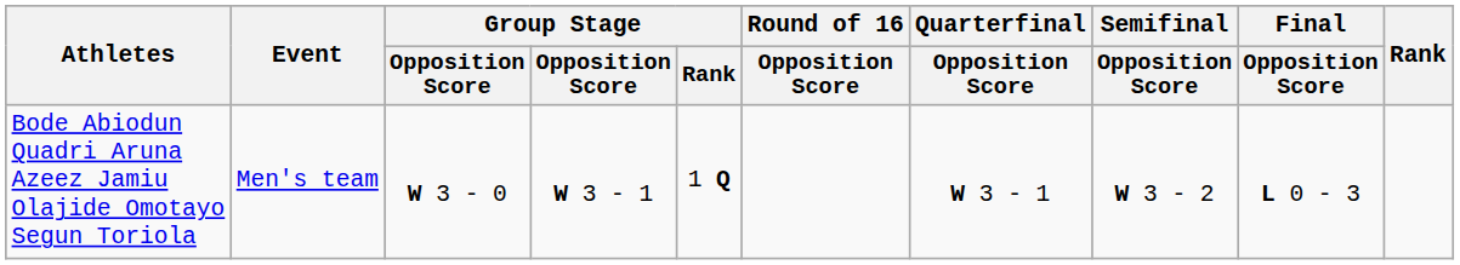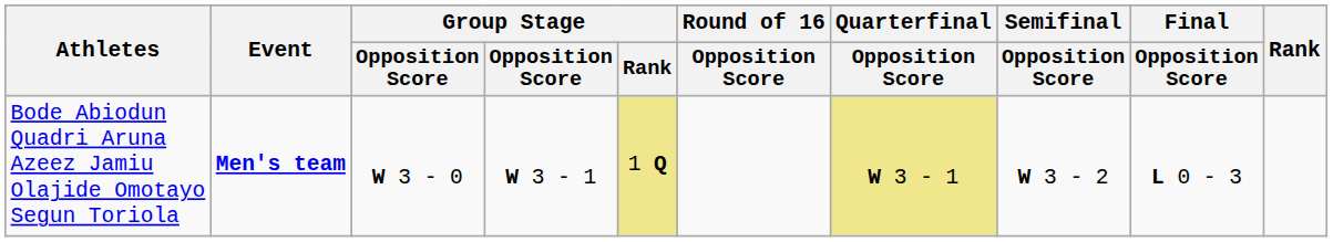 <table class="wikitable" style="font-size:90%">
 <tr>
 <th rowspan=2>Athletes</th>
 <th rowspan=2>Event</th>
 <th colspan=3>Group Stage</th>
 <th>Round of 16</th>
 <th>Quarterfinal</th>
 <th>Semifinal</th>
 <th>Final</th>
 <th rowspan=2>Rank</th>
 </tr>
 <tr style="font-size:95%">
 <th>Opposition<br>Score</th>
 <th>Opposition<br>Score</th>
 <th>Rank</th>
 <th>Opposition<br>Score</th>
 <th>Opposition<br>Score</th>
 <th>Opposition<br>Score</th>
 <th>Opposition<br>Score</th>
 </tr>
 <tr align=center>
 <td align=left><a href='#'>Bode Abiodun</a><br><a href='#'>Quadri Aruna</a><br><a href='#'>Azeez Jamiu</a><br><a href='#'>Olajide Omotayo</a><br><a href='#'>Segun Toriola</a></td>
-<td align=left><a href='#'>Men's team</a></td>
+<td align=left><strong><a href='#'>Men's team</a></strong></td>
 <td><br><strong>W</strong> 3 - 0</td>
 <td><br><strong>W</strong> 3 - 1</td>
-<td>1 <strong>Q</strong></td>
+<td style="background: khaki;">1 <strong>Q</strong></td>
 <td></td>
-<td><br><strong>W</strong> 3 - 1</td>
+<td style="background: khaki;"><br><strong>W</strong> 3 - 1</td>
 <td><br><strong>W</strong> 3 - 2</td>
 <td><br><strong>L</strong> 0 - 3</td>
 <td></td>
 </tr>
 </table>
